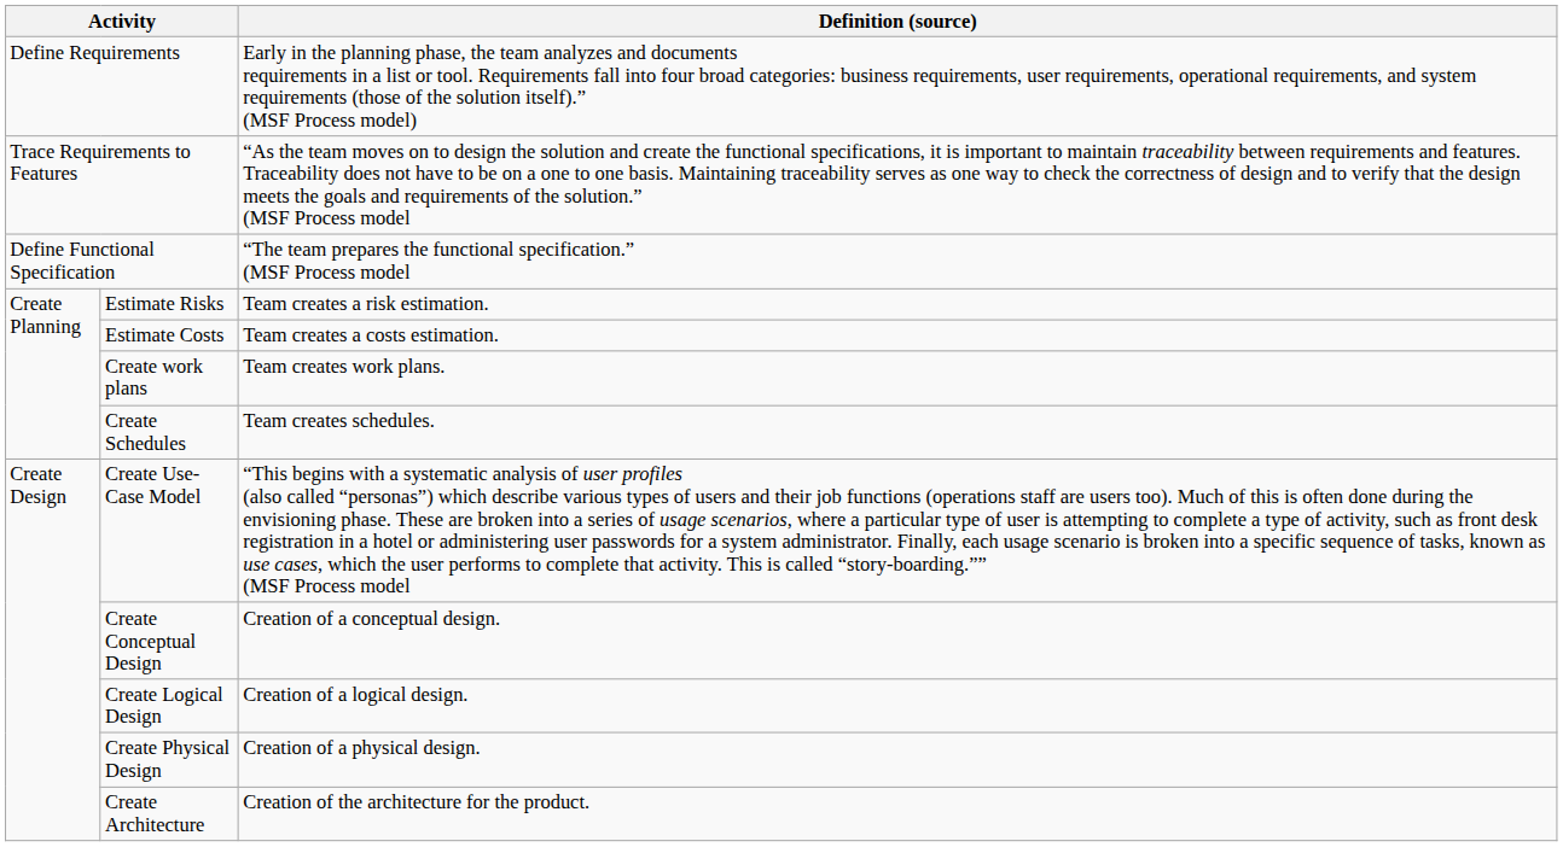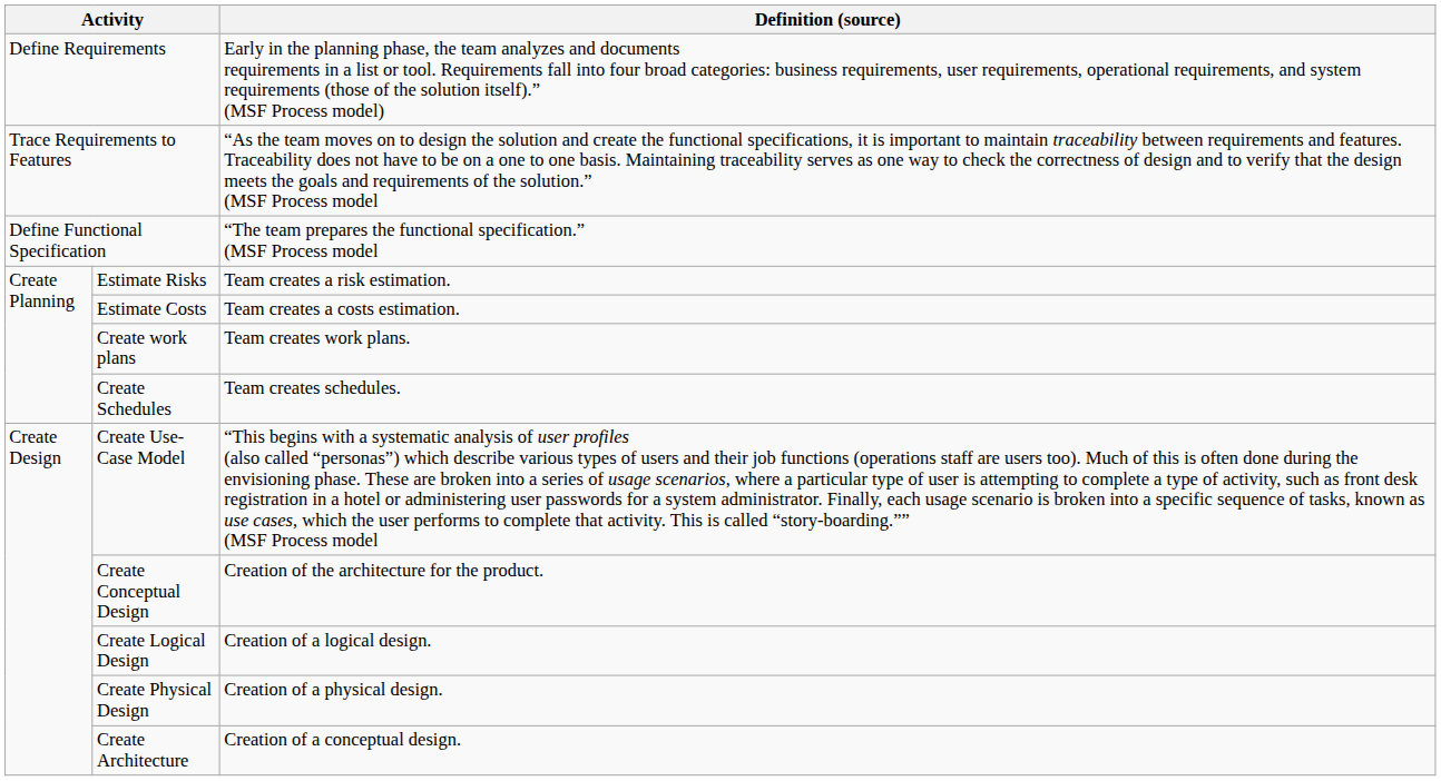 <table class="wikitable">
 <tr>
 <th colspan=2>Activity</th>
 <th>Definition (source)</th>
 </tr>
 <tr VALIGN=TOP>
 <td colspan=2>Define Requirements</td>
 <td>Early in the planning phase, the team analyzes and documents<br>requirements in a list or tool. Requirements fall into four broad categories: business requirements, user requirements, operational requirements, and system requirements (those of the solution itself).”<br>(MSF Process model)</td>
 </tr>
 <tr VALIGN=TOP>
 <td colspan=2>Trace Requirements to Features</td>
 <td>“As the team moves on to design the solution and create the functional specifications, it is important to maintain <em>traceability</em> between requirements and features. Traceability does not have to be on a one to one basis. Maintaining traceability serves as one way to check the correctness of design and to verify that the design meets the goals and requirements of the solution.”<br>(MSF Process model</td>
 </tr>
 <tr VALIGN=TOP>
 <td colspan=2>Define Functional Specification</td>
 <td>“The team prepares the functional specification.”<br>(MSF Process model</td>
 </tr>
 <tr VALIGN=TOP>
 <td rowspan=4>Create Planning</td>
 <td>Estimate Risks</td>
 <td>Team creates a risk estimation.</td>
 </tr>
 <tr VALIGN=TOP>
 <td>Estimate Costs</td>
 <td>Team creates a costs estimation.</td>
 </tr>
 <tr VALIGN=TOP>
 <td>Create work plans</td>
 <td>Team creates work plans.</td>
 </tr>
 <tr VALIGN=TOP>
 <td>Create Schedules</td>
 <td>Team creates schedules.</td>
 </tr>
 <tr VALIGN=TOP>
 <td rowspan=5>Create Design</td>
 <td>Create Use-Case Model</td>
 <td>“This begins with a systematic analysis of <em>user profiles</em><br>(also called “personas”) which describe various types of users and their job functions (operations staff are users too). Much of this is often done during the envisioning phase. These are broken into a series of <em>usage scenarios</em>, where a particular type of user is attempting to complete a type of activity, such as front desk registration in a hotel or administering user passwords for a system administrator. Finally, each usage scenario is broken into a specific sequence of tasks, known as <em>use cases</em>, which the user performs to complete that activity. This is called “story-boarding.””<br>(MSF Process model</td>
 </tr>
 <tr VALIGN=TOP>
 <td>Create Conceptual Design</td>
-<td>Creation of a conceptual design.</td>
+<td>Creation of the architecture for the product.</td>
 </tr>
 <tr VALIGN=TOP>
 <td>Create Logical Design</td>
 <td>Creation of a logical design.</td>
 </tr>
 <tr VALIGN=TOP>
 <td>Create Physical Design</td>
 <td>Creation of a physical design.</td>
 </tr>
 <tr VALIGN=TOP>
 <td>Create Architecture</td>
-<td>Creation of the architecture for the product.</td>
+<td>Creation of a conceptual design.</td>
 </tr>
 </table>
